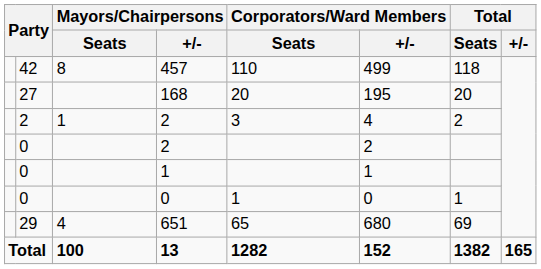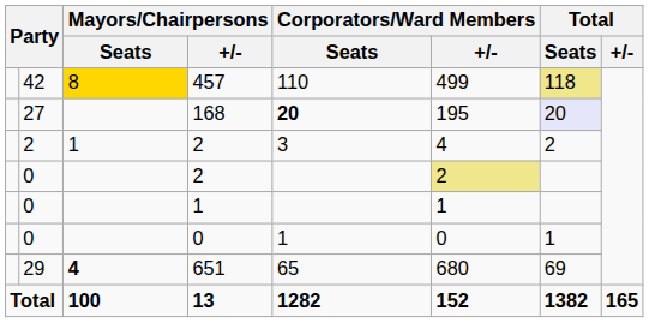 <table class="wikitable sortable">
 <tr>
 <th rowspan=2; colspan=2>Party</th>
 <th colspan=2>Mayors/Chairpersons</th>
 <th colspan=2>Corporators/Ward Members</th>
 <th colspan=2>Total</th>
 </tr>
 <tr>
 <th>Seats</th>
 <th>+/-</th>
 <th>Seats</th>
 <th>+/-</th>
 <th>Seats</th>
 <th>+/-</th>
 </tr>
 <tr>
 <td></td>
 <td>42</td>
-<td>8</td>
+<td style="background: gold;">8</td>
 <td>457</td>
 <td>110</td>
 <td>499</td>
-<td>118</td>
+<td style="background: khaki;">118</td>
 </tr>
 <tr>
 <td></td>
 <td>27</td>
 <td></td>
 <td>168</td>
-<td>20</td>
+<td><strong>20</strong></td>
 <td>195</td>
-<td>20</td>
+<td style="background: lavender;">20</td>
 </tr>
 <tr>
 <td></td>
 <td>2</td>
 <td>1</td>
 <td>2</td>
 <td>3</td>
 <td>4</td>
 <td>2</td>
 </tr>
 <tr>
 <td></td>
 <td>0</td>
 <td></td>
 <td>2</td>
 <td></td>
-<td>2</td>
+<td style="background: khaki;">2</td>
 <td></td>
 </tr>
 <tr>
 <td></td>
 <td>0</td>
 <td></td>
 <td>1</td>
 <td></td>
 <td>1</td>
 <td></td>
 </tr>
 <tr>
 <td></td>
 <td>0</td>
 <td></td>
 <td>0</td>
 <td>1</td>
 <td>0</td>
 <td>1</td>
 </tr>
 <tr>
 <td></td>
 <td>29</td>
-<td>4</td>
+<td><strong>4</strong></td>
 <td>651</td>
 <td>65</td>
 <td>680</td>
 <td>69</td>
 </tr>
 <tr>
 <td colspan=2><strong>Total</strong></td>
 <td><strong>100</strong></td>
 <td><strong>13</strong></td>
 <td><strong>1282</strong></td>
 <td><strong>152</strong></td>
 <td><strong>1382</strong></td>
 <td><strong>165</strong></td>
 </tr>
 </table>
